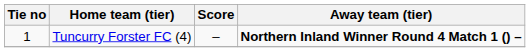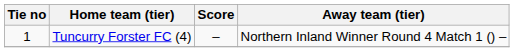 <table class="wikitable" style="text-align:center">
 <tr>
 <th>Tie no</th>
 <th>Home team (tier)</th>
 <th>Score</th>
 <th>Away team (tier)</th>
 </tr>
 <tr>
 <td>1</td>
 <td><a href='#'>Tuncurry Forster FC</a> (4)</td>
 <td>–</td>
-<td><strong>Northern Inland Winner Round 4 Match 1 () –</strong></td>
+<td>Northern Inland Winner Round 4 Match 1 () –</td>
 </tr>
 <tr>
 </tr>
 </table>
